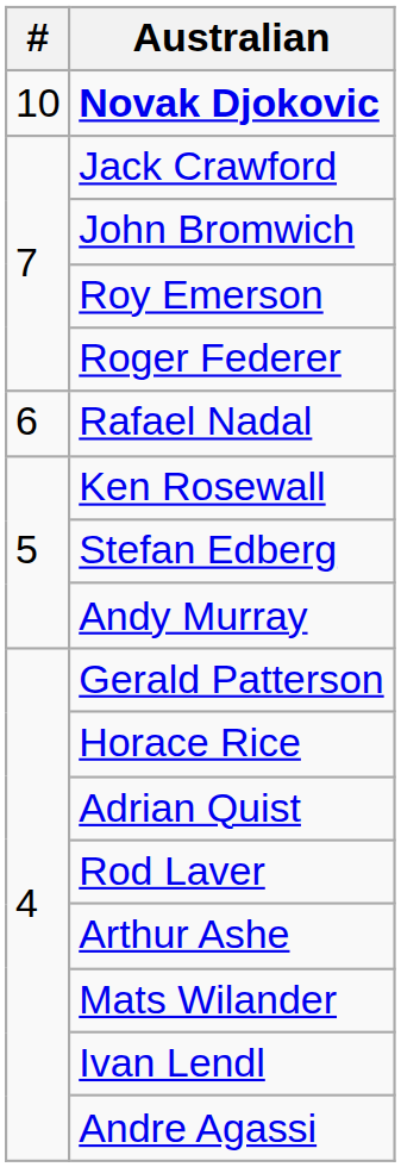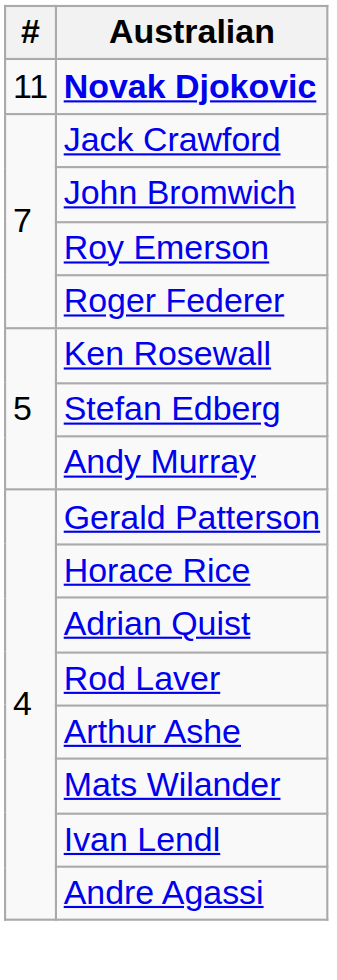 <table class=wikitable style="display:inline-table;">
 <tr>
 <th>#</th>
 <th>Australian</th>
 </tr>
 <tr>
-<td>10</td>
+<td>11</td>
 <td> <strong><a href='#'>Novak Djokovic</a></strong></td>
 </tr>
 <tr>
 <td rowspan="4">7</td>
 <td> <a href='#'>Jack Crawford</a></td>
 </tr>
 <tr>
 <td> <a href='#'>John Bromwich</a></td>
 </tr>
 <tr>
 <td> <a href='#'>Roy Emerson</a></td>
 </tr>
 <tr>
 <td> <a href='#'>Roger Federer</a></td>
-</tr>
-<tr>
-<td>6</td>
-<td> <a href='#'>Rafael Nadal</a></td>
 </tr>
 <tr>
 <td rowspan="3">5</td>
 <td> <a href='#'>Ken Rosewall</a></td>
 </tr>
 <tr>
 <td> <a href='#'>Stefan Edberg</a></td>
 </tr>
 <tr>
 <td> <a href='#'>Andy Murray</a></td>
 </tr>
 <tr>
 <td rowspan="8">4</td>
 <td> <a href='#'>Gerald Patterson</a></td>
 </tr>
 <tr>
 <td> <a href='#'>Horace Rice</a></td>
 </tr>
 <tr>
 <td> <a href='#'>Adrian Quist</a></td>
 </tr>
 <tr>
 <td> <a href='#'>Rod Laver</a></td>
 </tr>
 <tr>
 <td> <a href='#'>Arthur Ashe</a></td>
 </tr>
 <tr>
 <td> <a href='#'>Mats Wilander</a></td>
 </tr>
 <tr>
 <td> <a href='#'>Ivan Lendl</a></td>
 </tr>
 <tr>
 <td> <a href='#'>Andre Agassi</a></td>
 </tr>
 </table>
